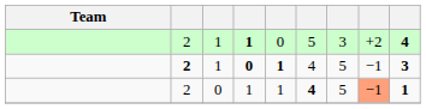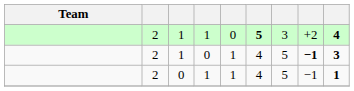 <table class="wikitable" style="text-align: center;">
 <tr>
 <th width="165">Team</th>
 <th width="25"></th>
 <th width="25"></th>
 <th width="25"></th>
 <th width="25"></th>
 <th width="25"></th>
 <th width="25"></th>
 <th width="25"></th>
 <th width="25"></th>
 </tr>
 <tr style="background:#cfc;">
 <td align=left></td>
 <td>2</td>
 <td>1</td>
-<td><strong>1</strong></td>
+<td>1</td>
 <td>0</td>
-<td>5</td>
+<td><strong>5</strong></td>
 <td>3</td>
 <td>+2</td>
 <td><strong>4</strong></td>
 </tr>
 <tr>
 <td align=left></td>
-<td><strong>2</strong></td>
+<td>2</td>
 <td>1</td>
-<td><strong>0</strong></td>
-<td><strong>1</strong></td>
+<td>0</td>
+<td>1</td>
 <td>4</td>
 <td>5</td>
-<td>−1</td>
+<td><strong>−1</strong></td>
 <td><strong>3</strong></td>
 </tr>
 <tr>
 <td align=left></td>
 <td>2</td>
 <td>0</td>
 <td>1</td>
 <td>1</td>
-<td><strong>4</strong></td>
+<td>4</td>
 <td>5</td>
-<td style="background: lightsalmon;">−1</td>
+<td>−1</td>
 <td><strong>1</strong></td>
 </tr>
 <tr>
 </tr>
 </table>
